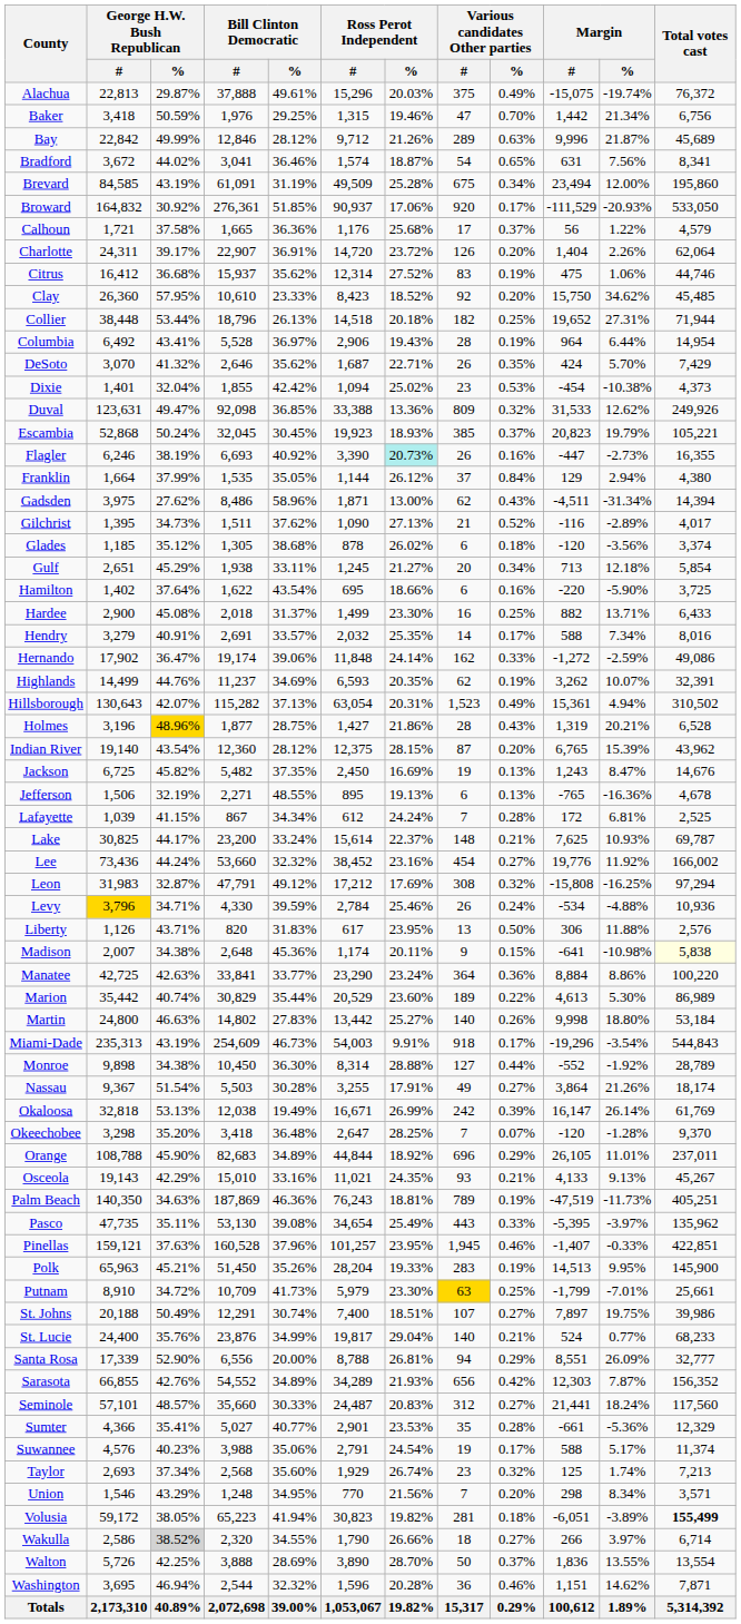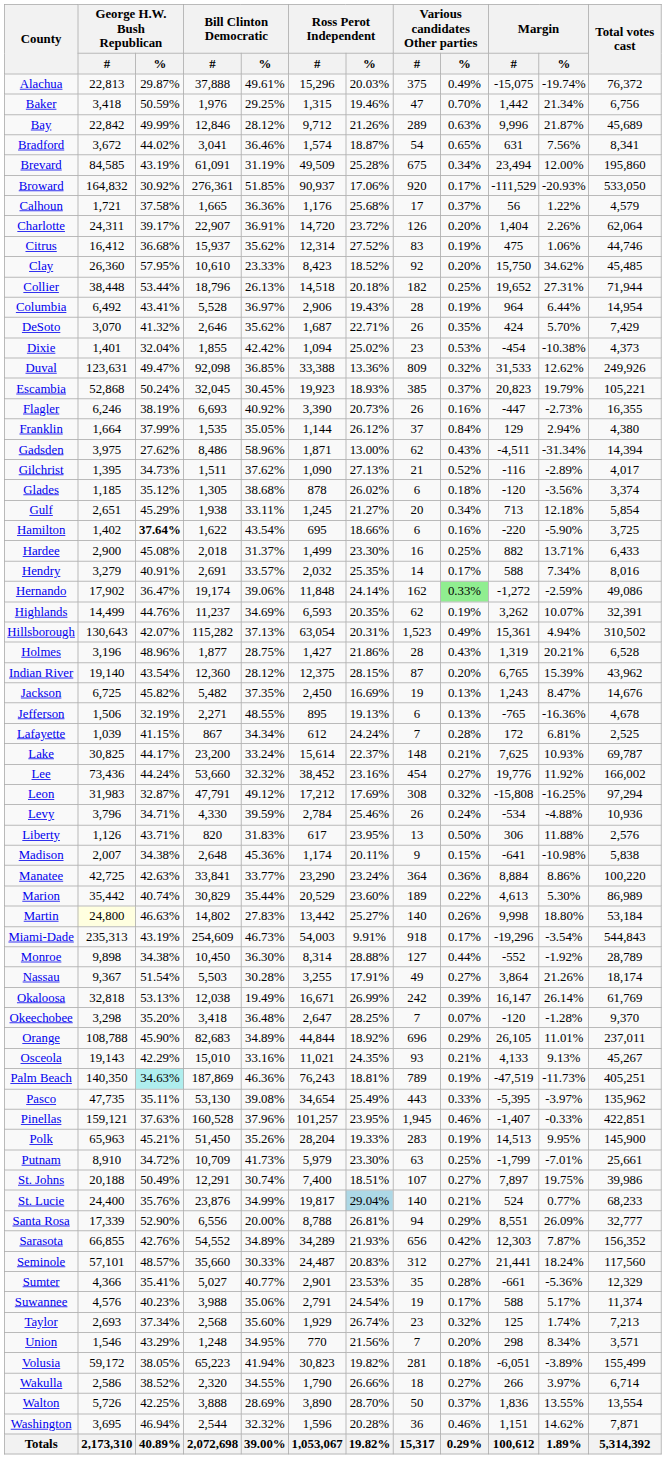 <table width="65%"  class="wikitable sortable" style="text-align:center">
 <tr>
 <th style="text-align:center;" rowspan="2">County</th>
 <th style="text-align:center;" colspan="2">George H.W. Bush<br>Republican</th>
 <th style="text-align:center;" colspan="2">Bill Clinton<br>Democratic</th>
 <th style="text-align:center;" colspan="2">Ross Perot<br>Independent</th>
 <th style="text-align:center;" colspan="2">Various candidates<br>Other parties</th>
 <th style="text-align:center;" colspan="2">Margin</th>
 <th style="text-align:center;" rowspan="2">Total votes cast</th>
 </tr>
 <tr>
 <th style="text-align:center;" data-sort-type="number">#</th>
 <th style="text-align:center;" data-sort-type="number">%</th>
 <th style="text-align:center;" data-sort-type="number">#</th>
 <th style="text-align:center;" data-sort-type="number">%</th>
 <th style="text-align:center;" data-sort-type="number">#</th>
 <th style="text-align:center;" data-sort-type="number">%</th>
 <th style="text-align:center;" data-sort-type="number">#</th>
 <th style="text-align:center;" data-sort-type="number">%</th>
 <th style="text-align:center;" data-sort-type="number">#</th>
 <th style="text-align:center;" data-sort-type="number">%</th>
 </tr>
 <tr style="text-align:center;">
 <td><a href='#'>Alachua</a></td>
 <td>22,813</td>
 <td>29.87%</td>
 <td>37,888</td>
 <td>49.61%</td>
 <td>15,296</td>
 <td>20.03%</td>
 <td>375</td>
 <td>0.49%</td>
 <td>-15,075</td>
 <td>-19.74%</td>
 <td>76,372</td>
 </tr>
 <tr style="text-align:center;">
 <td><a href='#'>Baker</a></td>
 <td>3,418</td>
 <td>50.59%</td>
 <td>1,976</td>
 <td>29.25%</td>
 <td>1,315</td>
 <td>19.46%</td>
 <td>47</td>
 <td>0.70%</td>
 <td>1,442</td>
 <td>21.34%</td>
 <td>6,756</td>
 </tr>
 <tr style="text-align:center;">
 <td><a href='#'>Bay</a></td>
 <td>22,842</td>
 <td>49.99%</td>
 <td>12,846</td>
 <td>28.12%</td>
 <td>9,712</td>
 <td>21.26%</td>
 <td>289</td>
 <td>0.63%</td>
 <td>9,996</td>
 <td>21.87%</td>
 <td>45,689</td>
 </tr>
 <tr style="text-align:center;">
 <td><a href='#'>Bradford</a></td>
 <td>3,672</td>
 <td>44.02%</td>
 <td>3,041</td>
 <td>36.46%</td>
 <td>1,574</td>
 <td>18.87%</td>
 <td>54</td>
 <td>0.65%</td>
 <td>631</td>
 <td>7.56%</td>
 <td>8,341</td>
 </tr>
 <tr style="text-align:center;">
 <td><a href='#'>Brevard</a></td>
 <td>84,585</td>
 <td>43.19%</td>
 <td>61,091</td>
 <td>31.19%</td>
 <td>49,509</td>
 <td>25.28%</td>
 <td>675</td>
 <td>0.34%</td>
 <td>23,494</td>
 <td>12.00%</td>
 <td>195,860</td>
 </tr>
 <tr style="text-align:center;">
 <td><a href='#'>Broward</a></td>
 <td>164,832</td>
 <td>30.92%</td>
 <td>276,361</td>
 <td>51.85%</td>
 <td>90,937</td>
 <td>17.06%</td>
 <td>920</td>
 <td>0.17%</td>
 <td>-111,529</td>
 <td>-20.93%</td>
 <td>533,050</td>
 </tr>
 <tr style="text-align:center;">
 <td><a href='#'>Calhoun</a></td>
 <td>1,721</td>
 <td>37.58%</td>
 <td>1,665</td>
 <td>36.36%</td>
 <td>1,176</td>
 <td>25.68%</td>
 <td>17</td>
 <td>0.37%</td>
 <td>56</td>
 <td>1.22%</td>
 <td>4,579</td>
 </tr>
 <tr style="text-align:center;">
 <td><a href='#'>Charlotte</a></td>
 <td>24,311</td>
 <td>39.17%</td>
 <td>22,907</td>
 <td>36.91%</td>
 <td>14,720</td>
 <td>23.72%</td>
 <td>126</td>
 <td>0.20%</td>
 <td>1,404</td>
 <td>2.26%</td>
 <td>62,064</td>
 </tr>
 <tr style="text-align:center;">
 <td><a href='#'>Citrus</a></td>
 <td>16,412</td>
 <td>36.68%</td>
 <td>15,937</td>
 <td>35.62%</td>
 <td>12,314</td>
 <td>27.52%</td>
 <td>83</td>
 <td>0.19%</td>
 <td>475</td>
 <td>1.06%</td>
 <td>44,746</td>
 </tr>
 <tr style="text-align:center;">
 <td><a href='#'>Clay</a></td>
 <td>26,360</td>
 <td>57.95%</td>
 <td>10,610</td>
 <td>23.33%</td>
 <td>8,423</td>
 <td>18.52%</td>
 <td>92</td>
 <td>0.20%</td>
 <td>15,750</td>
 <td>34.62%</td>
 <td>45,485</td>
 </tr>
 <tr style="text-align:center;">
 <td><a href='#'>Collier</a></td>
 <td>38,448</td>
 <td>53.44%</td>
 <td>18,796</td>
 <td>26.13%</td>
 <td>14,518</td>
 <td>20.18%</td>
 <td>182</td>
 <td>0.25%</td>
 <td>19,652</td>
 <td>27.31%</td>
 <td>71,944</td>
 </tr>
 <tr style="text-align:center;">
 <td><a href='#'>Columbia</a></td>
 <td>6,492</td>
 <td>43.41%</td>
 <td>5,528</td>
 <td>36.97%</td>
 <td>2,906</td>
 <td>19.43%</td>
 <td>28</td>
 <td>0.19%</td>
 <td>964</td>
 <td>6.44%</td>
 <td>14,954</td>
 </tr>
 <tr style="text-align:center;">
 <td><a href='#'>DeSoto</a></td>
 <td>3,070</td>
 <td>41.32%</td>
 <td>2,646</td>
 <td>35.62%</td>
 <td>1,687</td>
 <td>22.71%</td>
 <td>26</td>
 <td>0.35%</td>
 <td>424</td>
 <td>5.70%</td>
 <td>7,429</td>
 </tr>
 <tr style="text-align:center;">
 <td><a href='#'>Dixie</a></td>
 <td>1,401</td>
 <td>32.04%</td>
 <td>1,855</td>
 <td>42.42%</td>
 <td>1,094</td>
 <td>25.02%</td>
 <td>23</td>
 <td>0.53%</td>
 <td>-454</td>
 <td>-10.38%</td>
 <td>4,373</td>
 </tr>
 <tr style="text-align:center;">
 <td><a href='#'>Duval</a></td>
 <td>123,631</td>
 <td>49.47%</td>
 <td>92,098</td>
 <td>36.85%</td>
 <td>33,388</td>
 <td>13.36%</td>
 <td>809</td>
 <td>0.32%</td>
 <td>31,533</td>
 <td>12.62%</td>
 <td>249,926</td>
 </tr>
 <tr style="text-align:center;">
 <td><a href='#'>Escambia</a></td>
 <td>52,868</td>
 <td>50.24%</td>
 <td>32,045</td>
 <td>30.45%</td>
 <td>19,923</td>
 <td>18.93%</td>
 <td>385</td>
 <td>0.37%</td>
 <td>20,823</td>
 <td>19.79%</td>
 <td>105,221</td>
 </tr>
 <tr style="text-align:center;">
 <td><a href='#'>Flagler</a></td>
 <td>6,246</td>
 <td>38.19%</td>
 <td>6,693</td>
 <td>40.92%</td>
 <td>3,390</td>
-<td style="background: paleturquoise;">20.73%</td>
+<td>20.73%</td>
 <td>26</td>
 <td>0.16%</td>
 <td>-447</td>
 <td>-2.73%</td>
 <td>16,355</td>
 </tr>
 <tr style="text-align:center;">
 <td><a href='#'>Franklin</a></td>
 <td>1,664</td>
 <td>37.99%</td>
 <td>1,535</td>
 <td>35.05%</td>
 <td>1,144</td>
 <td>26.12%</td>
 <td>37</td>
 <td>0.84%</td>
 <td>129</td>
 <td>2.94%</td>
 <td>4,380</td>
 </tr>
 <tr style="text-align:center;">
 <td><a href='#'>Gadsden</a></td>
 <td>3,975</td>
 <td>27.62%</td>
 <td>8,486</td>
 <td>58.96%</td>
 <td>1,871</td>
 <td>13.00%</td>
 <td>62</td>
 <td>0.43%</td>
 <td>-4,511</td>
 <td>-31.34%</td>
 <td>14,394</td>
 </tr>
 <tr style="text-align:center;">
 <td><a href='#'>Gilchrist</a></td>
 <td>1,395</td>
 <td>34.73%</td>
 <td>1,511</td>
 <td>37.62%</td>
 <td>1,090</td>
 <td>27.13%</td>
 <td>21</td>
 <td>0.52%</td>
 <td>-116</td>
 <td>-2.89%</td>
 <td>4,017</td>
 </tr>
 <tr style="text-align:center;">
 <td><a href='#'>Glades</a></td>
 <td>1,185</td>
 <td>35.12%</td>
 <td>1,305</td>
 <td>38.68%</td>
 <td>878</td>
 <td>26.02%</td>
 <td>6</td>
 <td>0.18%</td>
 <td>-120</td>
 <td>-3.56%</td>
 <td>3,374</td>
 </tr>
 <tr style="text-align:center;">
 <td><a href='#'>Gulf</a></td>
 <td>2,651</td>
 <td>45.29%</td>
 <td>1,938</td>
 <td>33.11%</td>
 <td>1,245</td>
 <td>21.27%</td>
 <td>20</td>
 <td>0.34%</td>
 <td>713</td>
 <td>12.18%</td>
 <td>5,854</td>
 </tr>
 <tr style="text-align:center;">
 <td><a href='#'>Hamilton</a></td>
 <td>1,402</td>
-<td>37.64%</td>
+<td><strong>37.64%</strong></td>
 <td>1,622</td>
 <td>43.54%</td>
 <td>695</td>
 <td>18.66%</td>
 <td>6</td>
 <td>0.16%</td>
 <td>-220</td>
 <td>-5.90%</td>
 <td>3,725</td>
 </tr>
 <tr style="text-align:center;">
 <td><a href='#'>Hardee</a></td>
 <td>2,900</td>
 <td>45.08%</td>
 <td>2,018</td>
 <td>31.37%</td>
 <td>1,499</td>
 <td>23.30%</td>
 <td>16</td>
 <td>0.25%</td>
 <td>882</td>
 <td>13.71%</td>
 <td>6,433</td>
 </tr>
 <tr style="text-align:center;">
 <td><a href='#'>Hendry</a></td>
 <td>3,279</td>
 <td>40.91%</td>
 <td>2,691</td>
 <td>33.57%</td>
 <td>2,032</td>
 <td>25.35%</td>
 <td>14</td>
 <td>0.17%</td>
 <td>588</td>
 <td>7.34%</td>
 <td>8,016</td>
 </tr>
 <tr style="text-align:center;">
 <td><a href='#'>Hernando</a></td>
 <td>17,902</td>
 <td>36.47%</td>
 <td>19,174</td>
 <td>39.06%</td>
 <td>11,848</td>
 <td>24.14%</td>
 <td>162</td>
-<td>0.33%</td>
+<td style="background: lightgreen;">0.33%</td>
 <td>-1,272</td>
 <td>-2.59%</td>
 <td>49,086</td>
 </tr>
 <tr style="text-align:center;">
 <td><a href='#'>Highlands</a></td>
 <td>14,499</td>
 <td>44.76%</td>
 <td>11,237</td>
 <td>34.69%</td>
 <td>6,593</td>
 <td>20.35%</td>
 <td>62</td>
 <td>0.19%</td>
 <td>3,262</td>
 <td>10.07%</td>
 <td>32,391</td>
 </tr>
 <tr style="text-align:center;">
 <td><a href='#'>Hillsborough</a></td>
 <td>130,643</td>
 <td>42.07%</td>
 <td>115,282</td>
 <td>37.13%</td>
 <td>63,054</td>
 <td>20.31%</td>
 <td>1,523</td>
 <td>0.49%</td>
 <td>15,361</td>
 <td>4.94%</td>
 <td>310,502</td>
 </tr>
 <tr style="text-align:center;">
 <td><a href='#'>Holmes</a></td>
 <td>3,196</td>
-<td style="background: gold;">48.96%</td>
+<td>48.96%</td>
 <td>1,877</td>
 <td>28.75%</td>
 <td>1,427</td>
 <td>21.86%</td>
 <td>28</td>
 <td>0.43%</td>
 <td>1,319</td>
 <td>20.21%</td>
 <td>6,528</td>
 </tr>
 <tr style="text-align:center;">
 <td><a href='#'>Indian River</a></td>
 <td>19,140</td>
 <td>43.54%</td>
 <td>12,360</td>
 <td>28.12%</td>
 <td>12,375</td>
 <td>28.15%</td>
 <td>87</td>
 <td>0.20%</td>
 <td>6,765</td>
 <td>15.39%</td>
 <td>43,962</td>
 </tr>
 <tr style="text-align:center;">
 <td><a href='#'>Jackson</a></td>
 <td>6,725</td>
 <td>45.82%</td>
 <td>5,482</td>
 <td>37.35%</td>
 <td>2,450</td>
 <td>16.69%</td>
 <td>19</td>
 <td>0.13%</td>
 <td>1,243</td>
 <td>8.47%</td>
 <td>14,676</td>
 </tr>
 <tr style="text-align:center;">
 <td><a href='#'>Jefferson</a></td>
 <td>1,506</td>
 <td>32.19%</td>
 <td>2,271</td>
 <td>48.55%</td>
 <td>895</td>
 <td>19.13%</td>
 <td>6</td>
 <td>0.13%</td>
 <td>-765</td>
 <td>-16.36%</td>
 <td>4,678</td>
 </tr>
 <tr style="text-align:center;">
 <td><a href='#'>Lafayette</a></td>
 <td>1,039</td>
 <td>41.15%</td>
 <td>867</td>
 <td>34.34%</td>
 <td>612</td>
 <td>24.24%</td>
 <td>7</td>
 <td>0.28%</td>
 <td>172</td>
 <td>6.81%</td>
 <td>2,525</td>
 </tr>
 <tr style="text-align:center;">
 <td><a href='#'>Lake</a></td>
 <td>30,825</td>
 <td>44.17%</td>
 <td>23,200</td>
 <td>33.24%</td>
 <td>15,614</td>
 <td>22.37%</td>
 <td>148</td>
 <td>0.21%</td>
 <td>7,625</td>
 <td>10.93%</td>
 <td>69,787</td>
 </tr>
 <tr style="text-align:center;">
 <td><a href='#'>Lee</a></td>
 <td>73,436</td>
 <td>44.24%</td>
 <td>53,660</td>
 <td>32.32%</td>
 <td>38,452</td>
 <td>23.16%</td>
 <td>454</td>
 <td>0.27%</td>
 <td>19,776</td>
 <td>11.92%</td>
 <td>166,002</td>
 </tr>
 <tr style="text-align:center;">
 <td><a href='#'>Leon</a></td>
 <td>31,983</td>
 <td>32.87%</td>
 <td>47,791</td>
 <td>49.12%</td>
 <td>17,212</td>
 <td>17.69%</td>
 <td>308</td>
 <td>0.32%</td>
 <td>-15,808</td>
 <td>-16.25%</td>
 <td>97,294</td>
 </tr>
 <tr style="text-align:center;">
 <td><a href='#'>Levy</a></td>
-<td style="background: gold;">3,796</td>
+<td>3,796</td>
 <td>34.71%</td>
 <td>4,330</td>
 <td>39.59%</td>
 <td>2,784</td>
 <td>25.46%</td>
 <td>26</td>
 <td>0.24%</td>
 <td>-534</td>
 <td>-4.88%</td>
 <td>10,936</td>
 </tr>
 <tr style="text-align:center;">
 <td><a href='#'>Liberty</a></td>
 <td>1,126</td>
 <td>43.71%</td>
 <td>820</td>
 <td>31.83%</td>
 <td>617</td>
 <td>23.95%</td>
 <td>13</td>
 <td>0.50%</td>
 <td>306</td>
 <td>11.88%</td>
 <td>2,576</td>
 </tr>
 <tr style="text-align:center;">
 <td><a href='#'>Madison</a></td>
 <td>2,007</td>
 <td>34.38%</td>
 <td>2,648</td>
 <td>45.36%</td>
 <td>1,174</td>
 <td>20.11%</td>
 <td>9</td>
 <td>0.15%</td>
 <td>-641</td>
 <td>-10.98%</td>
-<td style="background: lightyellow;">5,838</td>
+<td>5,838</td>
 </tr>
 <tr style="text-align:center;">
 <td><a href='#'>Manatee</a></td>
 <td>42,725</td>
 <td>42.63%</td>
 <td>33,841</td>
 <td>33.77%</td>
 <td>23,290</td>
 <td>23.24%</td>
 <td>364</td>
 <td>0.36%</td>
 <td>8,884</td>
 <td>8.86%</td>
 <td>100,220</td>
 </tr>
 <tr style="text-align:center;">
 <td><a href='#'>Marion</a></td>
 <td>35,442</td>
 <td>40.74%</td>
 <td>30,829</td>
 <td>35.44%</td>
 <td>20,529</td>
 <td>23.60%</td>
 <td>189</td>
 <td>0.22%</td>
 <td>4,613</td>
 <td>5.30%</td>
 <td>86,989</td>
 </tr>
 <tr style="text-align:center;">
 <td><a href='#'>Martin</a></td>
-<td>24,800</td>
+<td style="background: lightyellow;">24,800</td>
 <td>46.63%</td>
 <td>14,802</td>
 <td>27.83%</td>
 <td>13,442</td>
 <td>25.27%</td>
 <td>140</td>
 <td>0.26%</td>
 <td>9,998</td>
 <td>18.80%</td>
 <td>53,184</td>
 </tr>
 <tr style="text-align:center;">
 <td><a href='#'>Miami-Dade</a></td>
 <td>235,313</td>
 <td>43.19%</td>
 <td>254,609</td>
 <td>46.73%</td>
 <td>54,003</td>
 <td>9.91%</td>
 <td>918</td>
 <td>0.17%</td>
 <td>-19,296</td>
 <td>-3.54%</td>
 <td>544,843</td>
 </tr>
 <tr style="text-align:center;">
 <td><a href='#'>Monroe</a></td>
 <td>9,898</td>
 <td>34.38%</td>
 <td>10,450</td>
 <td>36.30%</td>
 <td>8,314</td>
 <td>28.88%</td>
 <td>127</td>
 <td>0.44%</td>
 <td>-552</td>
 <td>-1.92%</td>
 <td>28,789</td>
 </tr>
 <tr style="text-align:center;">
 <td><a href='#'>Nassau</a></td>
 <td>9,367</td>
 <td>51.54%</td>
 <td>5,503</td>
 <td>30.28%</td>
 <td>3,255</td>
 <td>17.91%</td>
 <td>49</td>
 <td>0.27%</td>
 <td>3,864</td>
 <td>21.26%</td>
 <td>18,174</td>
 </tr>
 <tr style="text-align:center;">
 <td><a href='#'>Okaloosa</a></td>
 <td>32,818</td>
 <td>53.13%</td>
 <td>12,038</td>
 <td>19.49%</td>
 <td>16,671</td>
 <td>26.99%</td>
 <td>242</td>
 <td>0.39%</td>
 <td>16,147</td>
 <td>26.14%</td>
 <td>61,769</td>
 </tr>
 <tr style="text-align:center;">
 <td><a href='#'>Okeechobee</a></td>
 <td>3,298</td>
 <td>35.20%</td>
 <td>3,418</td>
 <td>36.48%</td>
 <td>2,647</td>
 <td>28.25%</td>
 <td>7</td>
 <td>0.07%</td>
 <td>-120</td>
 <td>-1.28%</td>
 <td>9,370</td>
 </tr>
 <tr style="text-align:center;">
 <td><a href='#'>Orange</a></td>
 <td>108,788</td>
 <td>45.90%</td>
 <td>82,683</td>
 <td>34.89%</td>
 <td>44,844</td>
 <td>18.92%</td>
 <td>696</td>
 <td>0.29%</td>
 <td>26,105</td>
 <td>11.01%</td>
 <td>237,011</td>
 </tr>
 <tr style="text-align:center;">
 <td><a href='#'>Osceola</a></td>
 <td>19,143</td>
 <td>42.29%</td>
 <td>15,010</td>
 <td>33.16%</td>
 <td>11,021</td>
 <td>24.35%</td>
 <td>93</td>
 <td>0.21%</td>
 <td>4,133</td>
 <td>9.13%</td>
 <td>45,267</td>
 </tr>
 <tr style="text-align:center;">
 <td><a href='#'>Palm Beach</a></td>
 <td>140,350</td>
-<td>34.63%</td>
+<td style="background: paleturquoise;">34.63%</td>
 <td>187,869</td>
 <td>46.36%</td>
 <td>76,243</td>
 <td>18.81%</td>
 <td>789</td>
 <td>0.19%</td>
 <td>-47,519</td>
 <td>-11.73%</td>
 <td>405,251</td>
 </tr>
 <tr style="text-align:center;">
 <td><a href='#'>Pasco</a></td>
 <td>47,735</td>
 <td>35.11%</td>
 <td>53,130</td>
 <td>39.08%</td>
 <td>34,654</td>
 <td>25.49%</td>
 <td>443</td>
 <td>0.33%</td>
 <td>-5,395</td>
 <td>-3.97%</td>
 <td>135,962</td>
 </tr>
 <tr style="text-align:center;">
 <td><a href='#'>Pinellas</a></td>
 <td>159,121</td>
 <td>37.63%</td>
 <td>160,528</td>
 <td>37.96%</td>
 <td>101,257</td>
 <td>23.95%</td>
 <td>1,945</td>
 <td>0.46%</td>
 <td>-1,407</td>
 <td>-0.33%</td>
 <td>422,851</td>
 </tr>
 <tr style="text-align:center;">
 <td><a href='#'>Polk</a></td>
 <td>65,963</td>
 <td>45.21%</td>
 <td>51,450</td>
 <td>35.26%</td>
 <td>28,204</td>
 <td>19.33%</td>
 <td>283</td>
 <td>0.19%</td>
 <td>14,513</td>
 <td>9.95%</td>
 <td>145,900</td>
 </tr>
 <tr style="text-align:center;">
 <td><a href='#'>Putnam</a></td>
 <td>8,910</td>
 <td>34.72%</td>
 <td>10,709</td>
 <td>41.73%</td>
 <td>5,979</td>
 <td>23.30%</td>
-<td style="background: gold;">63</td>
+<td>63</td>
 <td>0.25%</td>
 <td>-1,799</td>
 <td>-7.01%</td>
 <td>25,661</td>
 </tr>
 <tr style="text-align:center;">
 <td><a href='#'>St. Johns</a></td>
 <td>20,188</td>
 <td>50.49%</td>
 <td>12,291</td>
 <td>30.74%</td>
 <td>7,400</td>
 <td>18.51%</td>
 <td>107</td>
 <td>0.27%</td>
 <td>7,897</td>
 <td>19.75%</td>
 <td>39,986</td>
 </tr>
 <tr style="text-align:center;">
 <td><a href='#'>St. Lucie</a></td>
 <td>24,400</td>
 <td>35.76%</td>
 <td>23,876</td>
 <td>34.99%</td>
 <td>19,817</td>
-<td>29.04%</td>
+<td style="background: lightblue;">29.04%</td>
 <td>140</td>
 <td>0.21%</td>
 <td>524</td>
 <td>0.77%</td>
 <td>68,233</td>
 </tr>
 <tr style="text-align:center;">
 <td><a href='#'>Santa Rosa</a></td>
 <td>17,339</td>
 <td>52.90%</td>
 <td>6,556</td>
 <td>20.00%</td>
 <td>8,788</td>
 <td>26.81%</td>
 <td>94</td>
 <td>0.29%</td>
 <td>8,551</td>
 <td>26.09%</td>
 <td>32,777</td>
 </tr>
 <tr style="text-align:center;">
 <td><a href='#'>Sarasota</a></td>
 <td>66,855</td>
 <td>42.76%</td>
 <td>54,552</td>
 <td>34.89%</td>
 <td>34,289</td>
 <td>21.93%</td>
 <td>656</td>
 <td>0.42%</td>
 <td>12,303</td>
 <td>7.87%</td>
 <td>156,352</td>
 </tr>
 <tr style="text-align:center;">
 <td><a href='#'>Seminole</a></td>
 <td>57,101</td>
 <td>48.57%</td>
 <td>35,660</td>
 <td>30.33%</td>
 <td>24,487</td>
 <td>20.83%</td>
 <td>312</td>
 <td>0.27%</td>
 <td>21,441</td>
 <td>18.24%</td>
 <td>117,560</td>
 </tr>
 <tr style="text-align:center;">
 <td><a href='#'>Sumter</a></td>
 <td>4,366</td>
 <td>35.41%</td>
 <td>5,027</td>
 <td>40.77%</td>
 <td>2,901</td>
 <td>23.53%</td>
 <td>35</td>
 <td>0.28%</td>
 <td>-661</td>
 <td>-5.36%</td>
 <td>12,329</td>
 </tr>
 <tr style="text-align:center;">
 <td><a href='#'>Suwannee</a></td>
 <td>4,576</td>
 <td>40.23%</td>
 <td>3,988</td>
 <td>35.06%</td>
 <td>2,791</td>
 <td>24.54%</td>
 <td>19</td>
 <td>0.17%</td>
 <td>588</td>
 <td>5.17%</td>
 <td>11,374</td>
 </tr>
 <tr style="text-align:center;">
 <td><a href='#'>Taylor</a></td>
 <td>2,693</td>
 <td>37.34%</td>
 <td>2,568</td>
 <td>35.60%</td>
 <td>1,929</td>
 <td>26.74%</td>
 <td>23</td>
 <td>0.32%</td>
 <td>125</td>
 <td>1.74%</td>
 <td>7,213</td>
 </tr>
 <tr style="text-align:center;">
 <td><a href='#'>Union</a></td>
 <td>1,546</td>
 <td>43.29%</td>
 <td>1,248</td>
 <td>34.95%</td>
 <td>770</td>
 <td>21.56%</td>
 <td>7</td>
 <td>0.20%</td>
 <td>298</td>
 <td>8.34%</td>
 <td>3,571</td>
 </tr>
 <tr style="text-align:center;">
 <td><a href='#'>Volusia</a></td>
 <td>59,172</td>
 <td>38.05%</td>
 <td>65,223</td>
 <td>41.94%</td>
 <td>30,823</td>
 <td>19.82%</td>
 <td>281</td>
 <td>0.18%</td>
 <td>-6,051</td>
 <td>-3.89%</td>
-<td><strong>155,499</strong></td>
+<td>155,499</td>
 </tr>
 <tr style="text-align:center;">
 <td><a href='#'>Wakulla</a></td>
 <td>2,586</td>
-<td style="background: lightgrey;">38.52%</td>
+<td>38.52%</td>
 <td>2,320</td>
 <td>34.55%</td>
 <td>1,790</td>
 <td>26.66%</td>
 <td>18</td>
 <td>0.27%</td>
 <td>266</td>
 <td>3.97%</td>
 <td>6,714</td>
 </tr>
 <tr style="text-align:center;">
 <td><a href='#'>Walton</a></td>
 <td>5,726</td>
 <td>42.25%</td>
 <td>3,888</td>
 <td>28.69%</td>
 <td>3,890</td>
 <td>28.70%</td>
 <td>50</td>
 <td>0.37%</td>
 <td>1,836</td>
 <td>13.55%</td>
 <td>13,554</td>
 </tr>
 <tr style="text-align:center;">
 <td><a href='#'>Washington</a></td>
 <td>3,695</td>
 <td>46.94%</td>
 <td>2,544</td>
 <td>32.32%</td>
 <td>1,596</td>
 <td>20.28%</td>
 <td>36</td>
 <td>0.46%</td>
 <td>1,151</td>
 <td>14.62%</td>
 <td>7,871</td>
 </tr>
 <tr style="text-align:center;">
 <th>Totals</th>
 <th>2,173,310</th>
 <th>40.89%</th>
 <th>2,072,698</th>
 <th>39.00%</th>
 <th>1,053,067</th>
 <th>19.82%</th>
 <th>15,317</th>
 <th>0.29%</th>
 <th>100,612</th>
 <th>1.89%</th>
 <th>5,314,392</th>
 </tr>
 </table>
